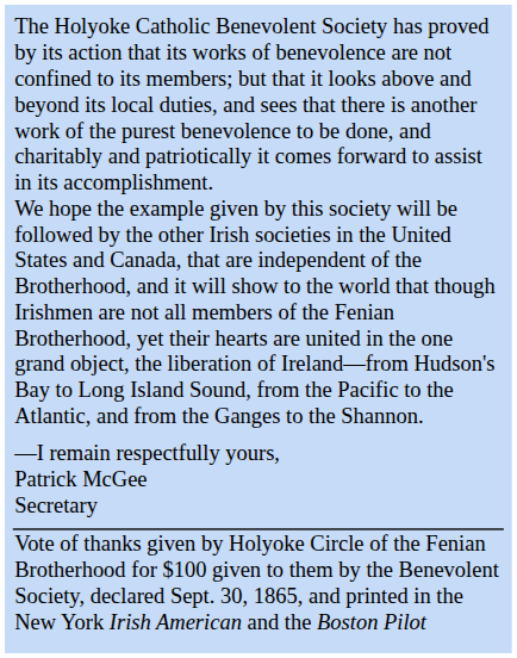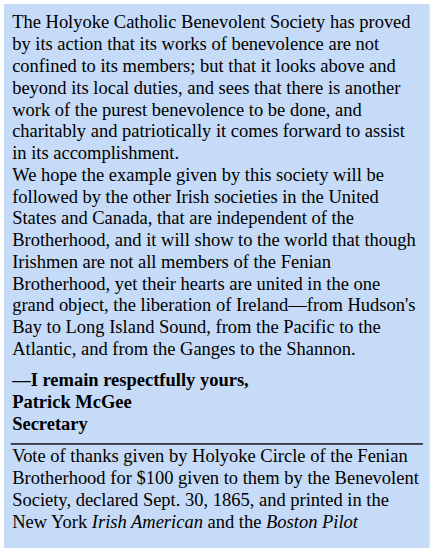 <table class="toccolours" style="float: left; margin-right: 1em; margin-bottom: 1em; font-size: 85%; background:#c6dbf7; color:black; width:23em; max-width: 40%;" cellspacing="5">
 <tr>
 <td style="text-align: left;">The Holyoke Catholic Benevolent Society has proved by its action that its works of benevolence are not confined to its members; but that it looks above and beyond its local duties, and sees that there is another work of the purest benevolence to be done, and charitably and patriotically it comes forward to assist in its accomplishment.<br>We hope the example given by this society will be followed by the other Irish societies in the United States and Canada, that are independent of the Brotherhood, and it will show to the world that though Irishmen are not all members of the Fenian Brotherhood, yet their hearts are united in the one grand object, the liberation of Ireland—from Hudson's Bay to Long Island Sound, from the Pacific to the Atlantic, and from the Ganges to the Shannon.<br></td>
 </tr>
 <tr>
-<td style="text-align: left;">—I remain respectfully yours,<br>Patrick McGee<br>Secretary</td>
+<td style="text-align: left;"><strong>—I remain respectfully yours,<br>Patrick McGee<br>Secretary</strong></td>
 </tr>
 <tr>
 <td style="border-top: 1px solid black;">Vote of thanks given by Holyoke Circle of the Fenian Brotherhood for $100 given to them by the Benevolent Society, declared Sept. 30, 1865, and printed in the New York <em>Irish American</em> and the <em>Boston Pilot</em></td>
 </tr>
 <tr>
 </tr>
 </table>
